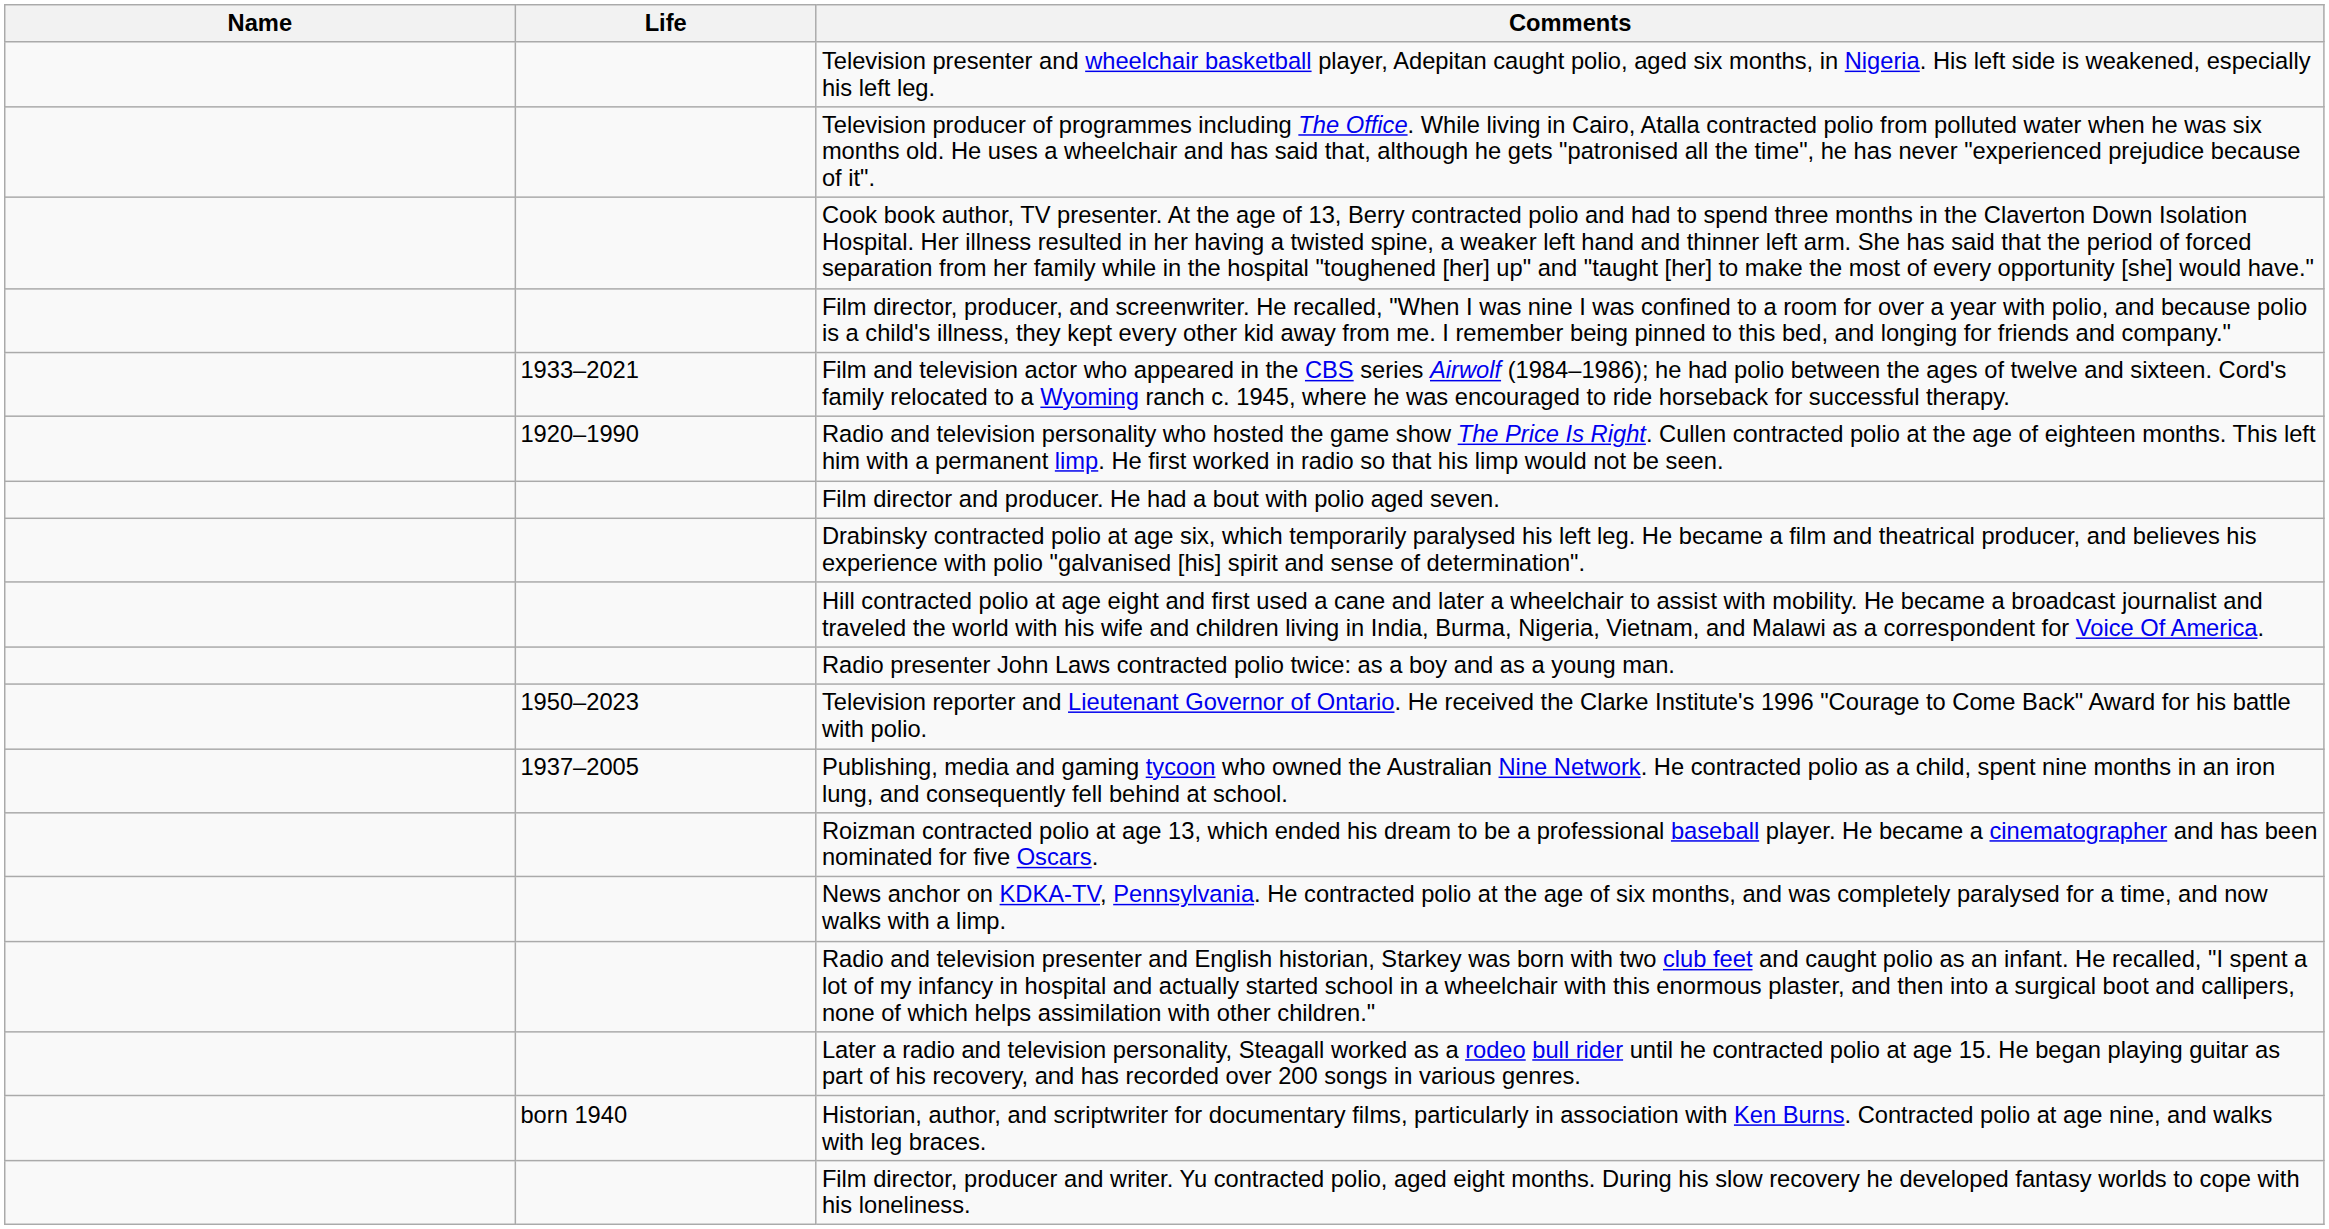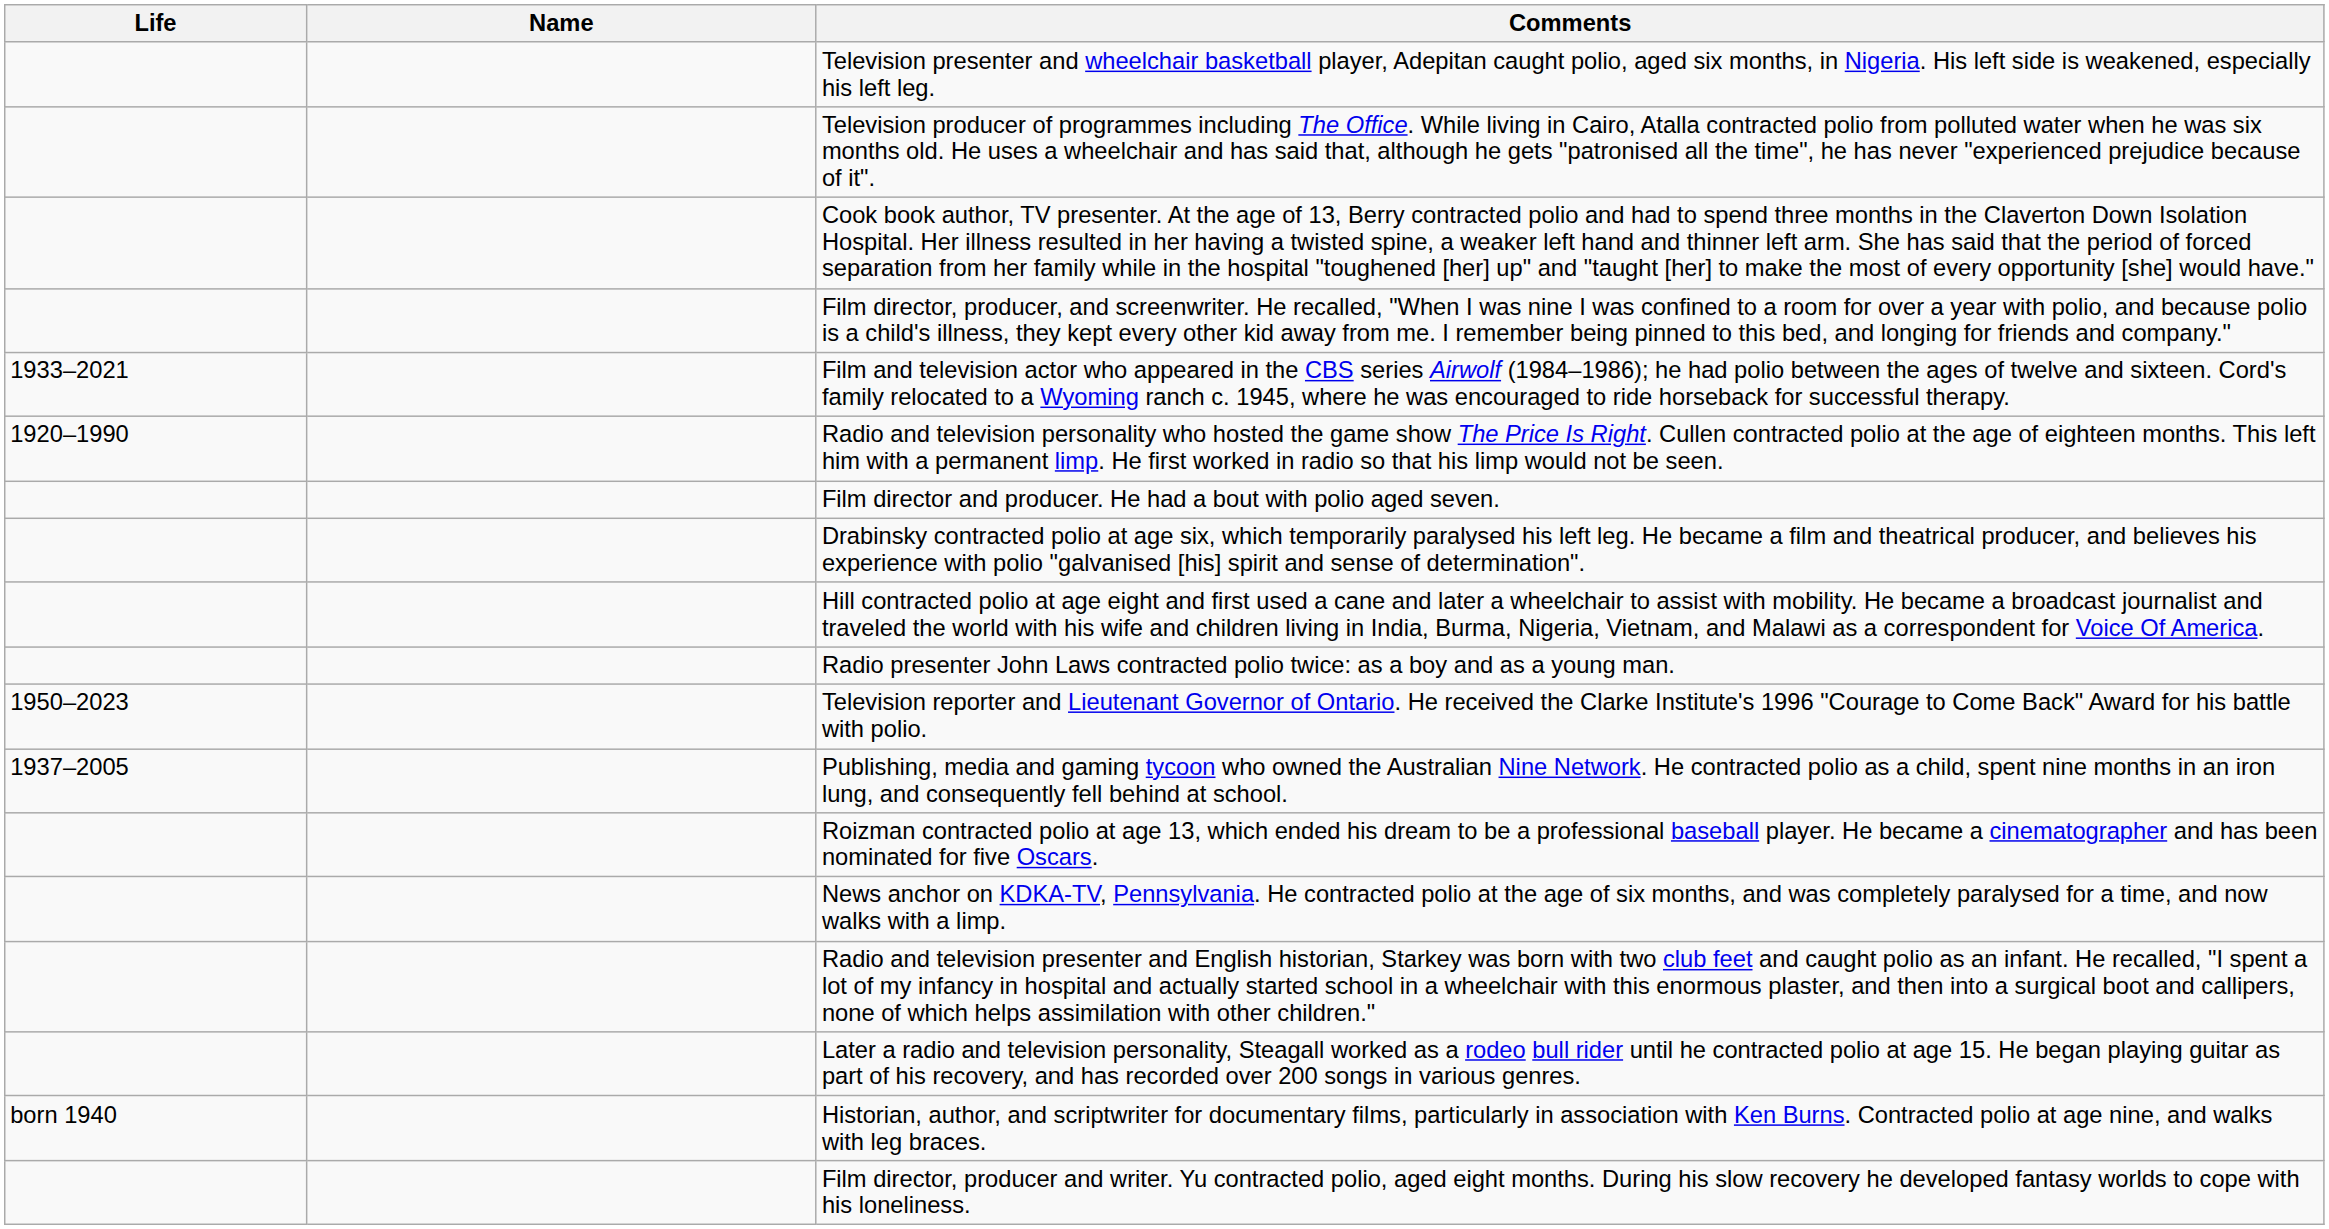 <table class="sortable wikitable">
 <tr>
+<th width="13%">Life</th>
 <th width="22%">Name</th>
-<th width="13%">Life</th>
 <th class=unsortable width="65%">Comments</th>
 </tr>
 <tr valign="top">
 <td></td>
 <td></td>
 <td>Television presenter and <a href='#'>wheelchair basketball</a> player, Adepitan caught polio, aged six months, in <a href='#'>Nigeria</a>. His left side is weakened, especially his left leg.</td>
 </tr>
 <tr valign="top">
 <td></td>
 <td></td>
 <td>Television producer of programmes including <em><a href='#'>The Office</a></em>. While living in Cairo, Atalla contracted polio from polluted water when he was six months old. He uses a wheelchair and has said that, although he gets "patronised all the time", he has never "experienced prejudice because of it".</td>
 </tr>
 <tr valign="top">
 <td></td>
 <td></td>
 <td>Cook book author, TV presenter.  At the age of 13, Berry contracted polio and had to spend three months in the Claverton Down Isolation Hospital. Her illness resulted in her having a twisted spine, a weaker left hand and thinner left arm. She has said that the period of forced separation from her family while in the hospital "toughened [her] up" and "taught [her] to make the most of every opportunity [she] would have."</td>
 </tr>
 <tr valign="top">
 <td></td>
 <td></td>
 <td>Film director, producer, and screenwriter. He recalled, "When I was nine I was confined to a room for over a year with polio, and because polio is a child's illness, they kept every other kid away from me. I remember being pinned to this bed, and longing for friends and company."</td>
 </tr>
 <tr valign="top">
+<td>1933–2021</td>
 <td></td>
-<td>1933–2021</td>
 <td>Film and television actor who appeared in the <a href='#'>CBS</a> series <em><a href='#'>Airwolf</a></em> (1984–1986); he had polio between the ages of twelve and sixteen. Cord's family relocated to a <a href='#'>Wyoming</a> ranch c. 1945, where he was encouraged to ride horseback for successful therapy.</td>
 </tr>
 <tr valign="top">
+<td>1920–1990</td>
 <td></td>
-<td>1920–1990</td>
 <td>Radio and television personality who hosted the game show <em><a href='#'>The Price Is Right</a></em>. Cullen contracted polio at the age of eighteen months. This left him with a permanent <a href='#'>limp</a>. He first worked in radio so that his limp would not be seen.</td>
 </tr>
 <tr valign="top">
 <td></td>
 <td></td>
 <td>Film director and producer. He had a bout with polio aged seven.</td>
 </tr>
 <tr valign="top">
 <td></td>
 <td></td>
 <td>Drabinsky contracted polio at age six, which temporarily paralysed his left leg. He became a film and theatrical producer, and believes his experience with polio "galvanised [his] spirit and sense of determination".</td>
 </tr>
 <tr valign="top">
 <td></td>
 <td></td>
 <td>Hill contracted polio at age eight and first used a cane and later a wheelchair to assist with mobility. He became a broadcast journalist and traveled the world with his wife and children living in India, Burma, Nigeria, Vietnam, and Malawi as a correspondent for <a href='#'>Voice Of America</a>.</td>
 </tr>
 <tr valign="top">
 <td></td>
 <td></td>
 <td>Radio presenter John Laws contracted polio twice: as a boy and as a young man.</td>
 </tr>
 <tr valign="top">
+<td>1950–2023</td>
 <td></td>
-<td>1950–2023</td>
 <td>Television reporter and <a href='#'>Lieutenant Governor of Ontario</a>. He received the Clarke Institute's 1996 "Courage to Come Back" Award for his battle with polio.</td>
 </tr>
 <tr valign="top">
+<td>1937–2005</td>
 <td></td>
-<td>1937–2005</td>
 <td>Publishing, media and gaming <a href='#'>tycoon</a> who owned the Australian <a href='#'>Nine Network</a>. He contracted polio as a child, spent nine months in an iron lung, and consequently fell behind at school.</td>
 </tr>
 <tr valign="top">
 <td></td>
 <td></td>
 <td>Roizman contracted polio at age 13, which ended his dream to be a professional <a href='#'>baseball</a> player. He became a <a href='#'>cinematographer</a> and has been nominated for five <a href='#'>Oscars</a>.</td>
 </tr>
 <tr valign="top">
 <td></td>
 <td></td>
 <td>News anchor on <a href='#'>KDKA-TV</a>, <a href='#'>Pennsylvania</a>. He contracted polio at the age of six months, and was completely paralysed for a time, and now walks with a limp.</td>
 </tr>
 <tr valign="top">
 <td></td>
 <td></td>
 <td>Radio and television presenter and English historian, Starkey was born with two <a href='#'>club feet</a> and caught polio as an infant. He recalled, "I spent a lot of my infancy in hospital and actually started school in a wheelchair with this enormous plaster, and then into a surgical boot and callipers, none of which helps assimilation with other children."</td>
 </tr>
 <tr valign="top">
 <td></td>
 <td></td>
 <td>Later a radio and television personality, Steagall worked as a <a href='#'>rodeo</a> <a href='#'>bull rider</a> until he contracted polio at age 15. He began playing guitar as part of his recovery, and has recorded over 200 songs in various genres.</td>
 </tr>
 <tr valign="top">
+<td>born 1940</td>
 <td></td>
-<td>born 1940</td>
 <td>Historian, author, and scriptwriter for documentary films, particularly in association with <a href='#'>Ken Burns</a>. Contracted polio at age nine, and walks with leg braces.</td>
 </tr>
 <tr valign="top">
 <td></td>
 <td></td>
 <td>Film director, producer and writer. Yu contracted polio, aged eight months. During his slow recovery he developed fantasy worlds to cope with his loneliness.</td>
 </tr>
 </table>
